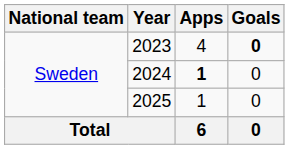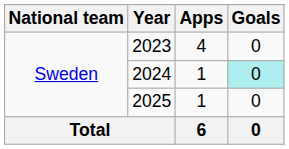 <table class="wikitable" style="text-align:center">
 <tr>
 <th>National team</th>
 <th>Year</th>
 <th>Apps</th>
 <th>Goals</th>
 </tr>
 <tr>
 <td rowspan="3"><a href='#'>Sweden</a></td>
 <td>2023</td>
 <td>4</td>
-<td><strong>0</strong></td>
+<td>0</td>
 </tr>
 <tr>
 <td>2024</td>
-<td><strong>1</strong></td>
-<td>0</td>
+<td>1</td>
+<td style="background: paleturquoise;">0</td>
 </tr>
 <tr>
 <td>2025</td>
 <td>1</td>
 <td>0</td>
 </tr>
 <tr>
 <th colspan="2">Total</th>
 <th>6</th>
 <th>0</th>
 </tr>
 </table>
